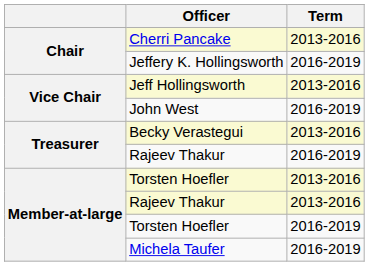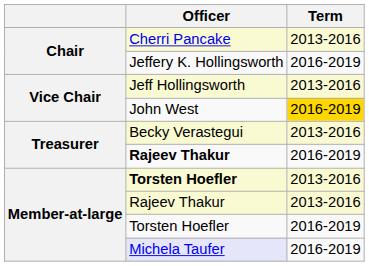 <table class="wikitable" style="text-align: left;">
 <tr>
 <th></th>
 <th>Officer</th>
 <th>Term</th>
 </tr>
 <tr>
 <th rowspan=2>Chair</th>
 <td style="background: #fafad2;"><a href='#'>Cherri Pancake</a></td>
 <td style="background: #fafad2;">2013-2016</td>
 </tr>
 <tr>
 <td>Jeffery K. Hollingsworth</td>
 <td>2016-2019</td>
 </tr>
 <tr>
 <th rowspan=2>Vice Chair</th>
 <td style="background: #fafad2;">Jeff Hollingsworth</td>
 <td style="background: #fafad2;">2013-2016</td>
 </tr>
 <tr>
 <td>John West</td>
-<td>2016-2019</td>
+<td style="background: gold;">2016-2019</td>
 </tr>
 <tr>
 <th rowspan=2>Treasurer</th>
 <td style="background: #fafad2;">Becky Verastegui</td>
 <td style="background: #fafad2;">2013-2016</td>
 </tr>
 <tr>
-<td>Rajeev Thakur</td>
+<td><strong>Rajeev Thakur</strong></td>
 <td>2016-2019</td>
 </tr>
 <tr>
 <th rowspan=4>Member-at-large</th>
-<td style="background: #fafad2;">Torsten Hoefler</td>
+<td style="background: #fafad2;"><strong>Torsten Hoefler</strong></td>
 <td style="background: #fafad2;">2013-2016</td>
 </tr>
 <tr>
 <td style="background: #fafad2;">Rajeev Thakur</td>
 <td style="background: #fafad2;">2013-2016</td>
 </tr>
 <tr>
 <td>Torsten Hoefler</td>
 <td>2016-2019</td>
 </tr>
 <tr>
-<td><a href='#'>Michela Taufer</a></td>
+<td style="background: lavender;"><a href='#'>Michela Taufer</a></td>
 <td>2016-2019</td>
 </tr>
 </table>
